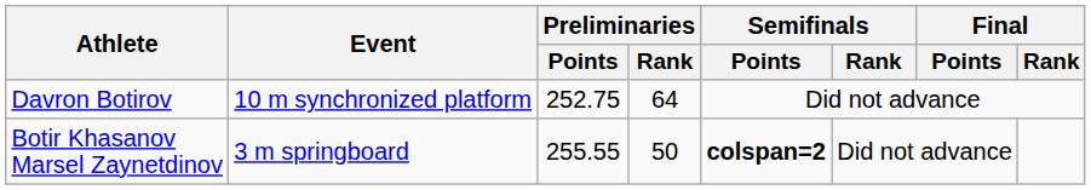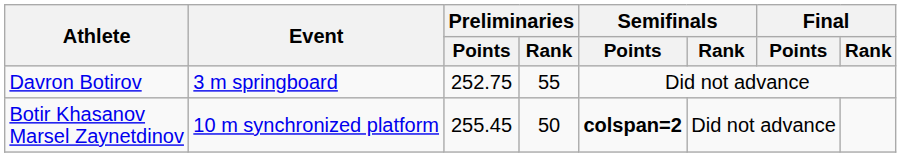 <table class=wikitable style="font-size:90%;">
 <tr>
 <th rowspan="2">Athlete</th>
 <th rowspan="2">Event</th>
 <th colspan="2">Preliminaries</th>
 <th colspan="2">Semifinals</th>
 <th colspan="2">Final</th>
 </tr>
 <tr style="font-size:95%">
 <th>Points</th>
 <th>Rank</th>
 <th>Points</th>
 <th>Rank</th>
 <th>Points</th>
 <th>Rank</th>
 </tr>
 <tr align=center>
 <td align=left><a href='#'>Davron Botirov</a></td>
-<td align=left><a href='#'>10 m synchronized platform</a></td>
+<td align=left><a href='#'>3 m springboard</a></td>
 <td>252.75</td>
-<td>64</td>
+<td>55</td>
 <td colspan=4>Did not advance</td>
 </tr>
 <tr align=center>
 <td align=left><a href='#'>Botir Khasanov</a><br><a href='#'>Marsel Zaynetdinov</a></td>
-<td align=left><a href='#'>3 m springboard</a></td>
-<td>255.55</td>
+<td align=left><a href='#'>10 m synchronized platform</a></td>
+<td>255.45</td>
 <td>50</td>
 <td><strong>colspan=2 </strong></td>
 <td colspan=2>Did not advance</td>
 </tr>
 </table>
